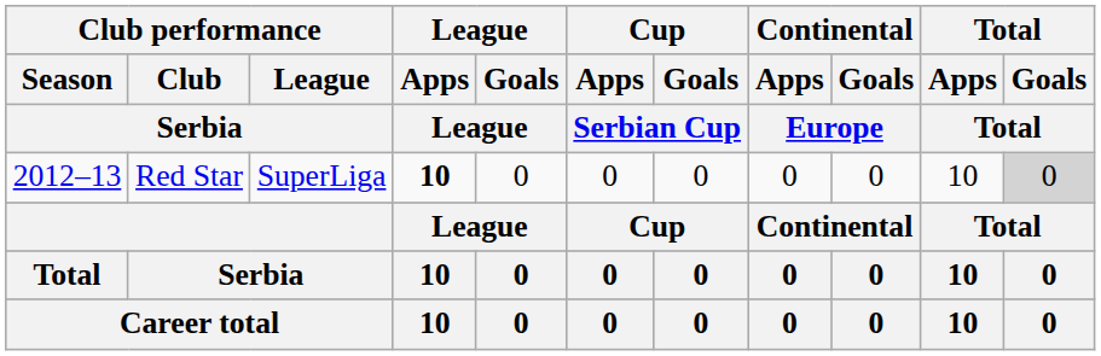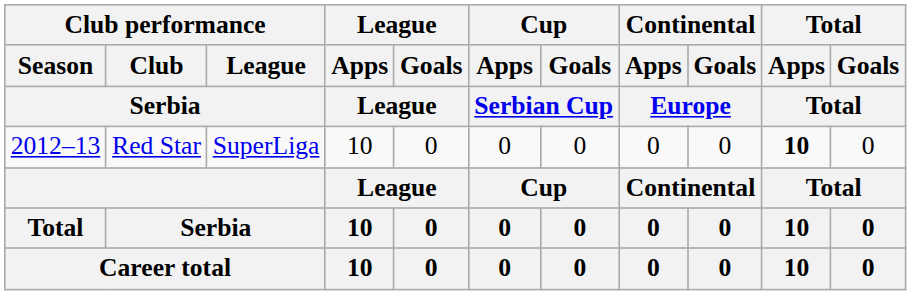 <table class="wikitable" style="text-align:center">
 <tr>
 <th colspan=3>Club performance</th>
 <th colspan=2>League</th>
 <th colspan=2>Cup</th>
 <th colspan=2>Continental</th>
 <th colspan=2>Total</th>
 </tr>
 <tr>
 <th>Season</th>
 <th>Club</th>
 <th>League</th>
 <th>Apps</th>
 <th>Goals</th>
 <th>Apps</th>
 <th>Goals</th>
 <th>Apps</th>
 <th>Goals</th>
 <th>Apps</th>
 <th>Goals</th>
 </tr>
 <tr>
 <th colspan=3>Serbia</th>
 <th colspan=2>League</th>
 <th colspan=2><a href='#'>Serbian Cup</a></th>
 <th colspan=2><a href='#'>Europe</a></th>
 <th colspan=2>Total</th>
 </tr>
 <tr>
 <td><a href='#'>2012–13</a></td>
 <td><a href='#'>Red Star</a></td>
 <td><a href='#'>SuperLiga</a></td>
-<td><strong>10</strong></td>
+<td>10</td>
 <td>0</td>
 <td>0</td>
 <td>0</td>
 <td>0</td>
 <td>0</td>
-<td>10</td>
-<td style="background: lightgrey;">0</td>
+<td><strong>10</strong></td>
+<td>0</td>
 </tr>
 <tr>
 <th colspan=3></th>
 <th colspan=2>League</th>
 <th colspan=2>Cup</th>
 <th colspan=2>Continental</th>
 <th colspan=2>Total</th>
 </tr>
 <tr>
 <th rowspan=1>Total</th>
 <th colspan=2>Serbia</th>
 <th>10</th>
 <th>0</th>
 <th>0</th>
 <th>0</th>
 <th>0</th>
 <th>0</th>
 <th>10</th>
 <th>0</th>
 </tr>
 <tr>
 <th colspan=3>Career total</th>
 <th>10</th>
 <th>0</th>
 <th>0</th>
 <th>0</th>
 <th>0</th>
 <th>0</th>
 <th>10</th>
 <th>0</th>
 </tr>
 </table>
